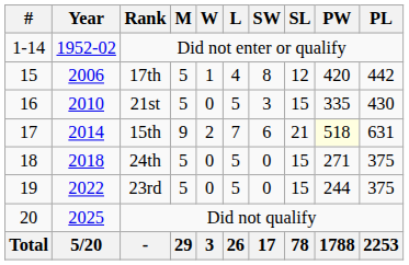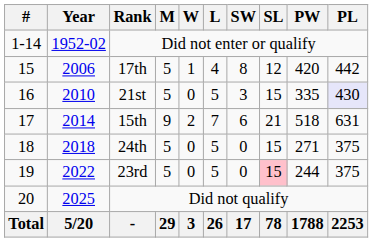 <table class="wikitable sortable" style="text-align:center">
 <tr>
 <th>#</th>
 <th>Year</th>
 <th>Rank</th>
 <th>M</th>
 <th>W</th>
 <th>L</th>
 <th>SW</th>
 <th>SL</th>
 <th>PW</th>
 <th>PL</th>
 </tr>
 <tr>
 <td>1-14</td>
 <td><a href='#'>1952-02</a></td>
 <td colspan=8>Did not enter or qualify</td>
 </tr>
 <tr>
 <td>15</td>
 <td><a href='#'>2006</a></td>
 <td>17th</td>
 <td>5</td>
 <td>1</td>
 <td>4</td>
 <td>8</td>
 <td>12</td>
 <td>420</td>
 <td>442</td>
 </tr>
 <tr>
 <td>16</td>
 <td><a href='#'>2010</a></td>
 <td>21st</td>
 <td>5</td>
 <td>0</td>
 <td>5</td>
 <td>3</td>
 <td>15</td>
 <td>335</td>
-<td>430</td>
+<td style="background: lavender;">430</td>
 </tr>
 <tr>
 <td>17</td>
 <td><a href='#'>2014</a></td>
 <td>15th</td>
 <td>9</td>
 <td>2</td>
 <td>7</td>
 <td>6</td>
 <td>21</td>
-<td style="background: lightyellow;">518</td>
+<td>518</td>
 <td>631</td>
 </tr>
 <tr>
 <td>18</td>
 <td><a href='#'>2018</a></td>
 <td>24th</td>
 <td>5</td>
 <td>0</td>
 <td>5</td>
 <td>0</td>
 <td>15</td>
 <td>271</td>
 <td>375</td>
 </tr>
 <tr>
 <td>19</td>
 <td><a href='#'>2022</a></td>
 <td>23rd</td>
 <td>5</td>
 <td>0</td>
 <td>5</td>
 <td>0</td>
-<td>15</td>
+<td style="background: pink;">15</td>
 <td>244</td>
 <td>375</td>
 </tr>
 <tr>
 <td>20</td>
 <td><a href='#'>2025</a></td>
 <td colspan=8>Did not qualify</td>
 </tr>
 <tr>
 <th><strong>Total</strong></th>
 <th>5/20</th>
 <th>-</th>
 <th>29</th>
 <th>3</th>
 <th>26</th>
 <th>17</th>
 <th>78</th>
 <th>1788</th>
 <th>2253</th>
 </tr>
 </table>
